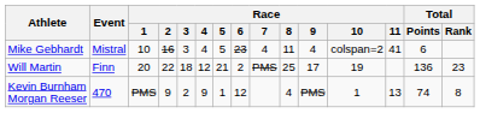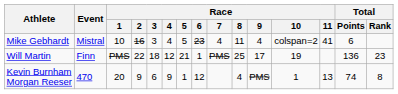 <table class=wikitable style=font-size:90%;text-align:center>
 <tr>
 <th rowspan=2>Athlete</th>
 <th rowspan=2>Event</th>
 <th colspan=11>Race</th>
 <th colspan=2>Total</th>
 </tr>
 <tr style=font-size:95%>
 <th>1</th>
 <th>2</th>
 <th>3</th>
 <th>4</th>
 <th>5</th>
 <th>6</th>
 <th>7</th>
 <th>8</th>
 <th>9</th>
 <th>10</th>
 <th>11</th>
 <th>Points</th>
 <th>Rank</th>
 </tr>
 <tr>
 <td align=left><a href='#'>Mike Gebhardt</a></td>
 <td align=left><a href='#'>Mistral</a></td>
 <td>10</td>
 <td><s>16</s></td>
 <td>3</td>
 <td>4</td>
 <td>5</td>
 <td><s>23</s></td>
 <td>4</td>
 <td>11</td>
 <td>4</td>
 <td>colspan=2 </td>
 <td>41</td>
 <td>6</td>
 </tr>
 <tr>
 <td align=left><a href='#'>Will Martin</a></td>
 <td align=left><a href='#'>Finn</a></td>
-<td>20</td>
+<td><s>PMS</s></td>
 <td>22</td>
 <td>18</td>
 <td>12</td>
 <td>21</td>
-<td>2</td>
+<td>1</td>
 <td><s>PMS</s></td>
 <td>25</td>
 <td>17</td>
 <td>19</td>
 <td></td>
 <td>136</td>
 <td>23</td>
 </tr>
 <tr>
 <td align=left><a href='#'>Kevin Burnham</a><br><a href='#'>Morgan Reeser</a></td>
 <td align=left><a href='#'>470</a></td>
-<td><s>PMS</s></td>
+<td>20</td>
 <td>9</td>
-<td>2</td>
+<td>6</td>
 <td>9</td>
 <td>1</td>
 <td>12</td>
 <td><s></s></td>
 <td>4</td>
 <td><s>PMS</s></td>
 <td>1</td>
 <td>13</td>
 <td>74</td>
 <td>8</td>
 </tr>
 </table>
